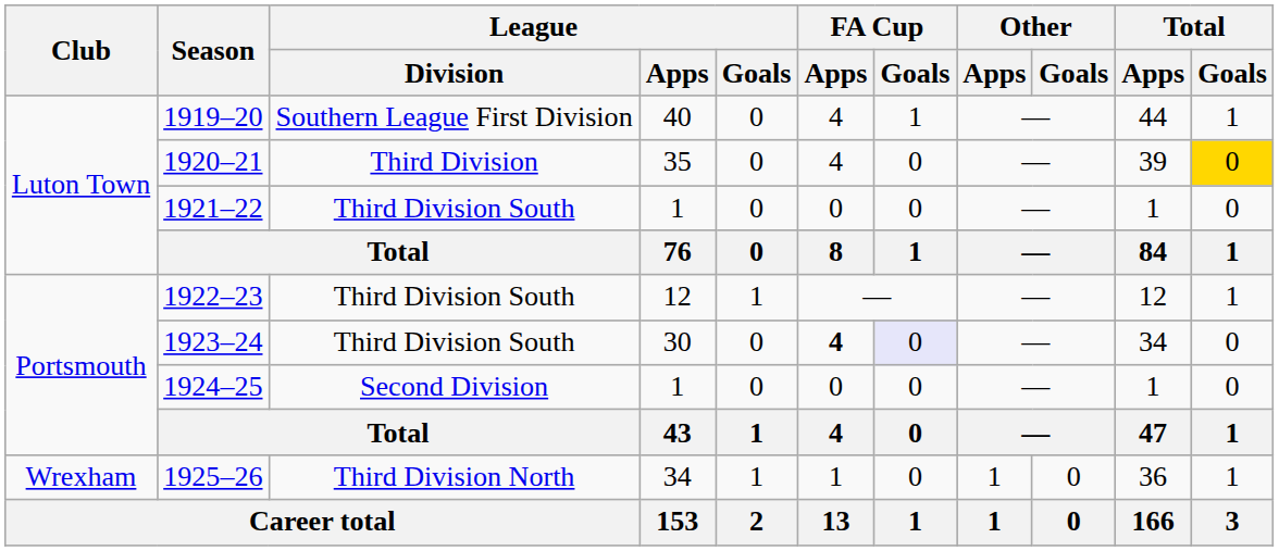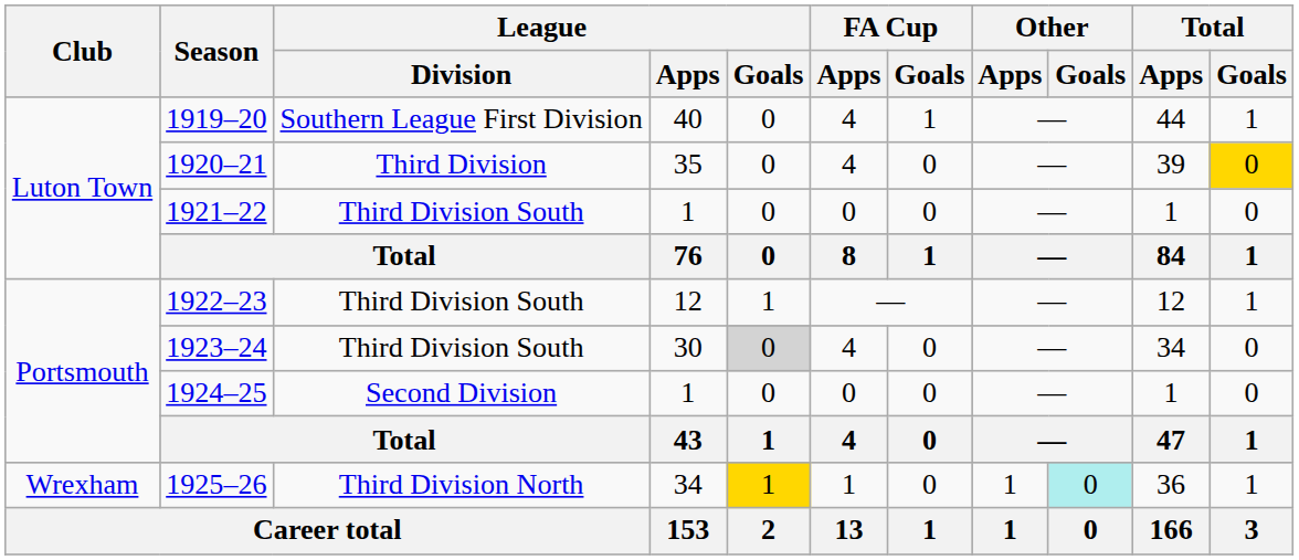 <table class="wikitable" style="text-align: center;">
 <tr>
 <th rowspan="2">Club</th>
 <th rowspan="2">Season</th>
 <th colspan="3">League</th>
 <th colspan="2">FA Cup</th>
 <th colspan="2">Other</th>
 <th colspan="2">Total</th>
 </tr>
 <tr>
 <th>Division</th>
 <th>Apps</th>
 <th>Goals</th>
 <th>Apps</th>
 <th>Goals</th>
 <th>Apps</th>
 <th>Goals</th>
 <th>Apps</th>
 <th>Goals</th>
 </tr>
 <tr>
 <td rowspan="4"><a href='#'>Luton Town</a></td>
 <td><a href='#'>1919–20</a></td>
 <td><a href='#'>Southern League</a> First Division</td>
 <td>40</td>
 <td>0</td>
 <td>4</td>
 <td>1</td>
 <td colspan="2">―</td>
 <td>44</td>
 <td>1</td>
 </tr>
 <tr>
 <td><a href='#'>1920–21</a></td>
 <td><a href='#'>Third Division</a></td>
 <td>35</td>
 <td>0</td>
 <td>4</td>
 <td>0</td>
 <td colspan="2">―</td>
 <td>39</td>
 <td style="background: gold;">0</td>
 </tr>
 <tr>
 <td><a href='#'>1921–22</a></td>
 <td><a href='#'>Third Division South</a></td>
 <td>1</td>
 <td>0</td>
 <td>0</td>
 <td>0</td>
 <td colspan="2">―</td>
 <td>1</td>
 <td>0</td>
 </tr>
 <tr>
 <th colspan="2">Total</th>
 <th>76</th>
 <th>0</th>
 <th>8</th>
 <th>1</th>
 <th colspan="2">―</th>
 <th>84</th>
 <th>1</th>
 </tr>
 <tr>
 <td rowspan="4"><a href='#'>Portsmouth</a></td>
 <td><a href='#'>1922–23</a></td>
 <td>Third Division South</td>
 <td>12</td>
 <td>1</td>
 <td colspan="2">―</td>
 <td colspan="2">―</td>
 <td>12</td>
 <td>1</td>
 </tr>
 <tr>
 <td><a href='#'>1923–24</a></td>
 <td>Third Division South</td>
 <td>30</td>
+<td style="background: lightgrey;">0</td>
+<td>4</td>
 <td>0</td>
-<td><strong>4</strong></td>
-<td style="background: lavender;">0</td>
 <td colspan="2">―</td>
 <td>34</td>
 <td>0</td>
 </tr>
 <tr>
 <td><a href='#'>1924–25</a></td>
 <td><a href='#'>Second Division</a></td>
 <td>1</td>
 <td>0</td>
 <td>0</td>
 <td>0</td>
 <td colspan="2">―</td>
 <td>1</td>
 <td>0</td>
 </tr>
 <tr>
 <th colspan="2">Total</th>
 <th>43</th>
 <th>1</th>
 <th>4</th>
 <th>0</th>
 <th colspan="2">―</th>
 <th>47</th>
 <th>1</th>
 </tr>
 <tr>
 <td><a href='#'>Wrexham</a></td>
 <td><a href='#'>1925–26</a></td>
 <td><a href='#'>Third Division North</a></td>
 <td>34</td>
-<td>1</td>
+<td style="background: gold;">1</td>
 <td>1</td>
 <td>0</td>
 <td>1</td>
-<td>0</td>
+<td style="background: paleturquoise;">0</td>
 <td>36</td>
 <td>1</td>
 </tr>
 <tr>
 <th colspan="3">Career total</th>
 <th>153</th>
 <th>2</th>
 <th>13</th>
 <th>1</th>
 <th>1</th>
 <th>0</th>
 <th>166</th>
 <th>3</th>
 </tr>
 </table>
